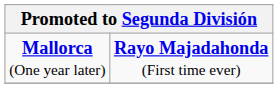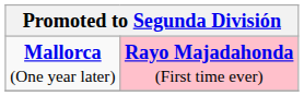 <table class="wikitable" style="text-align: center; margin: 0 auto;">
 <tr>
 <th colspan="2">Promoted to <a href='#'>Segunda División</a></th>
 </tr>
 <tr>
 <td><strong><a href='#'>Mallorca</a></strong><br><small>(One year later)</small></td>
-<td><strong><a href='#'>Rayo Majadahonda</a></strong><br><small>(First time ever)</small></td>
+<td style="background: pink;"><strong><a href='#'>Rayo Majadahonda</a></strong><br><small>(First time ever)</small></td>
 </tr>
 <tr>
 </tr>
 </table>
